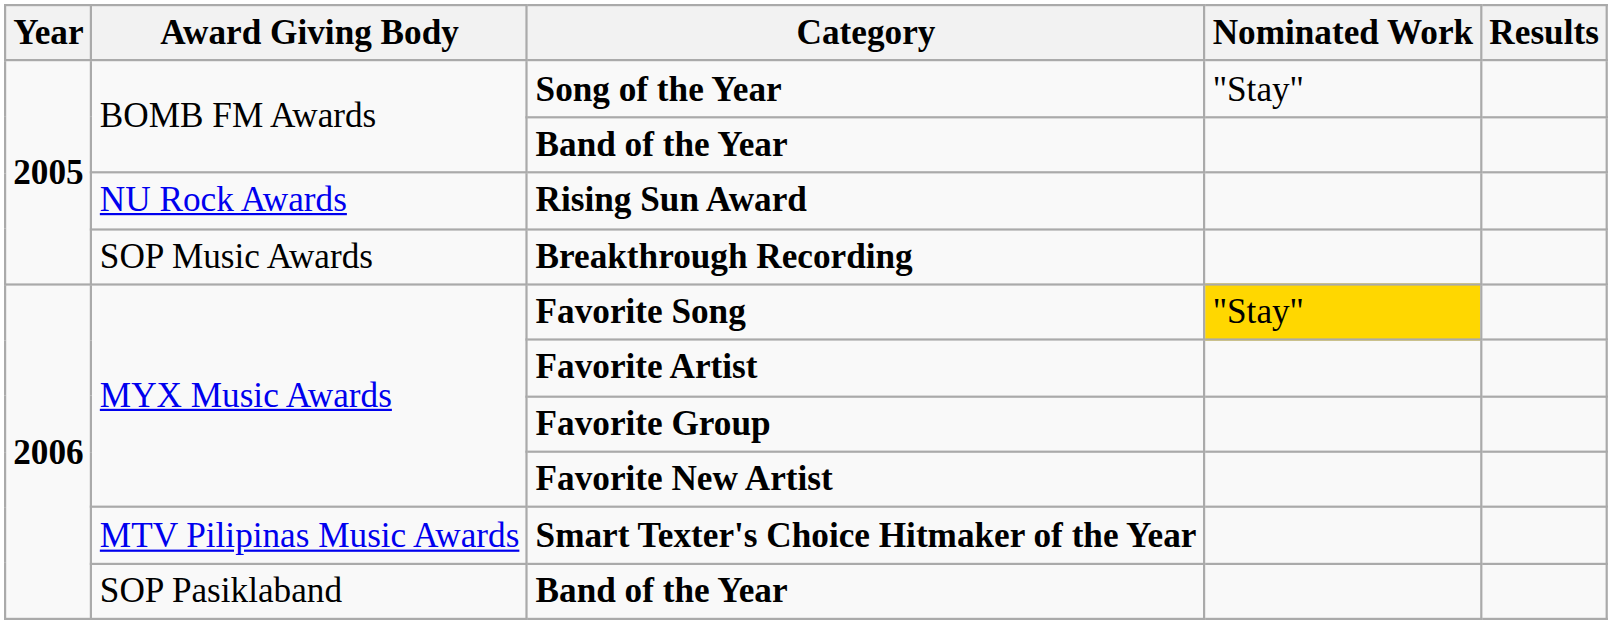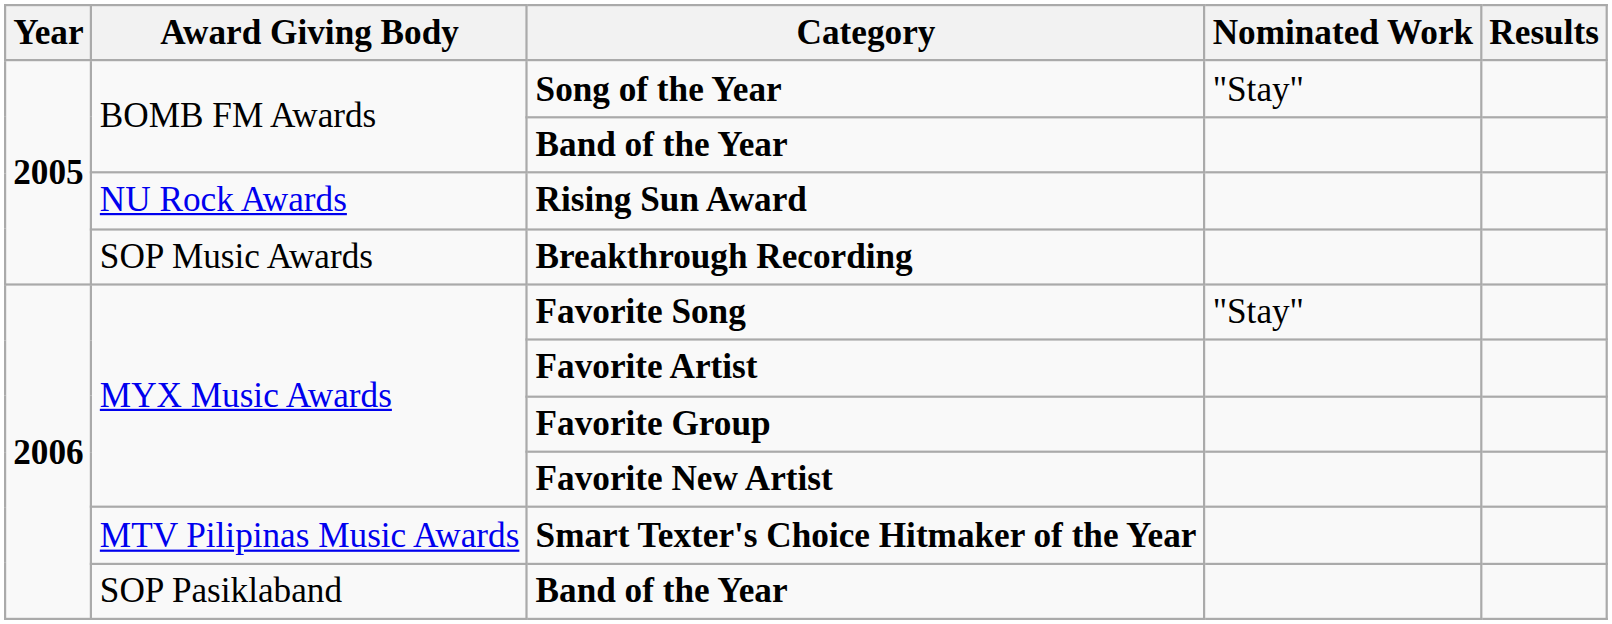 <table class="wikitable">
 <tr>
 <th>Year</th>
 <th>Award Giving Body</th>
 <th>Category</th>
 <th>Nominated Work</th>
 <th>Results</th>
 </tr>
 <tr>
 <td rowspan=4><strong>2005</strong></td>
 <td rowspan=2>BOMB FM Awards</td>
 <td><strong>Song of the Year</strong></td>
 <td>"Stay"</td>
 <td></td>
 </tr>
 <tr>
 <td><strong>Band of the Year</strong></td>
 <td></td>
 <td></td>
 </tr>
 <tr>
 <td><a href='#'>NU Rock Awards</a></td>
 <td><strong>Rising Sun Award</strong></td>
 <td></td>
 <td></td>
 </tr>
 <tr>
 <td>SOP Music Awards</td>
 <td><strong>Breakthrough Recording</strong></td>
 <td></td>
 <td></td>
 </tr>
 <tr>
 <td rowspan=6><strong>2006</strong></td>
 <td rowspan=4><a href='#'>MYX Music Awards</a></td>
 <td><strong>Favorite Song</strong></td>
-<td style="background: gold;">"Stay"</td>
+<td>"Stay"</td>
 <td></td>
 </tr>
 <tr>
 <td><strong>Favorite Artist</strong></td>
 <td></td>
 <td></td>
 </tr>
 <tr>
 <td><strong>Favorite Group</strong></td>
 <td></td>
 <td></td>
 </tr>
 <tr>
 <td><strong>Favorite New Artist</strong></td>
 <td></td>
 <td></td>
 </tr>
 <tr>
 <td><a href='#'>MTV Pilipinas Music Awards</a></td>
 <td><strong>Smart Texter's Choice Hitmaker of the Year</strong></td>
 <td></td>
 <td></td>
 </tr>
 <tr>
 <td>SOP Pasiklaband</td>
 <td><strong>Band of the Year</strong></td>
 <td></td>
 <td></td>
 </tr>
 </table>
